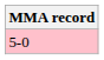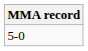 <table class="wikitable">
 <tr>
 <th>MMA record</th>
 </tr>
 <tr>
-<td style="background: pink;">5-0</td>
+<td>5-0</td>
 </tr>
 </table>
